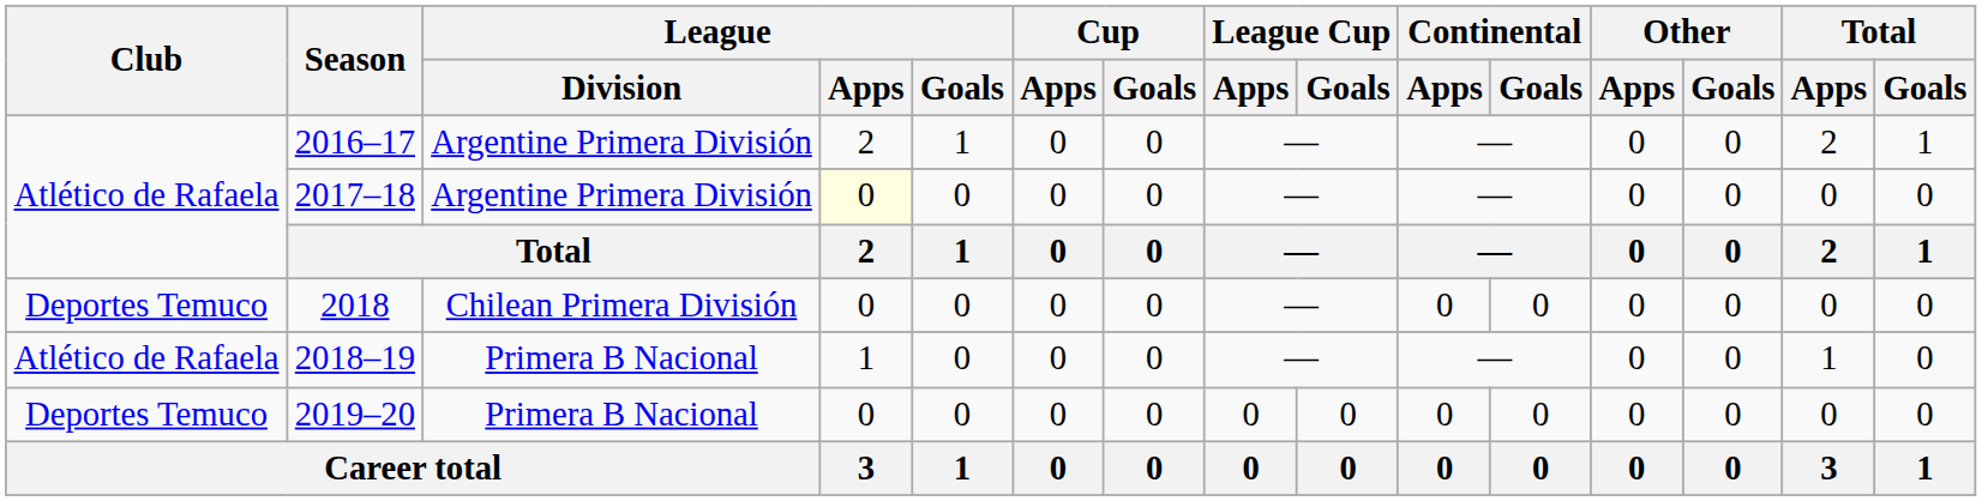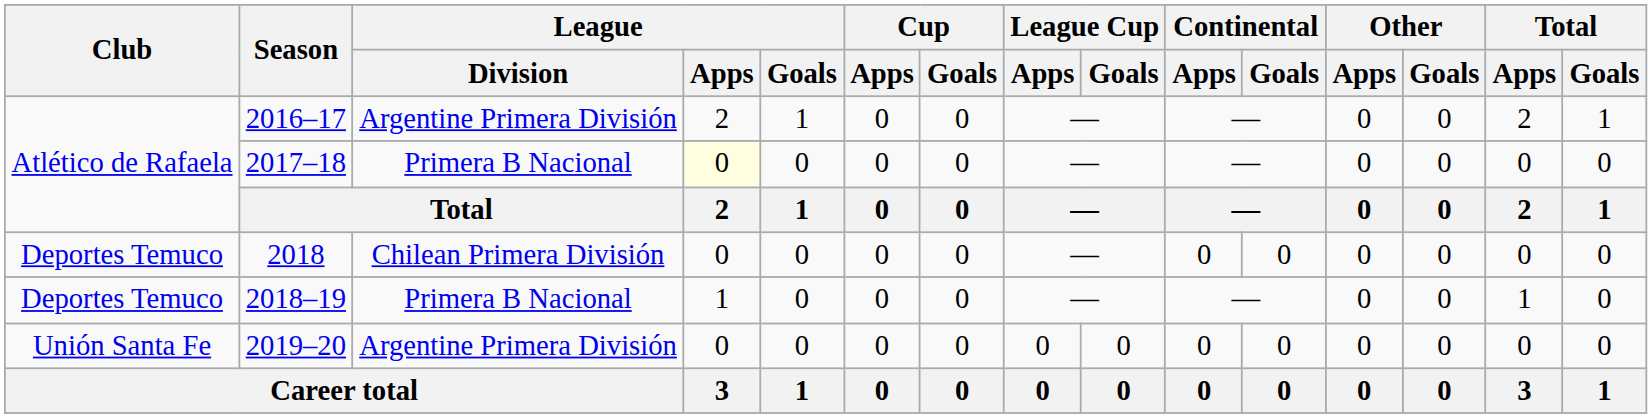 <table class="wikitable" style="text-align:center">
 <tr>
 <th rowspan="2">Club</th>
 <th rowspan="2">Season</th>
 <th colspan="3">League</th>
 <th colspan="2">Cup</th>
 <th colspan="2">League Cup</th>
 <th colspan="2">Continental</th>
 <th colspan="2">Other</th>
 <th colspan="2">Total</th>
 </tr>
 <tr>
 <th>Division</th>
 <th>Apps</th>
 <th>Goals</th>
 <th>Apps</th>
 <th>Goals</th>
 <th>Apps</th>
 <th>Goals</th>
 <th>Apps</th>
 <th>Goals</th>
 <th>Apps</th>
 <th>Goals</th>
 <th>Apps</th>
 <th>Goals</th>
 </tr>
 <tr>
 <td rowspan="3"><a href='#'>Atlético de Rafaela</a></td>
 <td><a href='#'>2016–17</a></td>
 <td rowspan="1"><a href='#'>Argentine Primera División</a></td>
 <td>2</td>
 <td>1</td>
 <td>0</td>
 <td>0</td>
 <td colspan="2">—</td>
 <td colspan="2">—</td>
 <td>0</td>
 <td>0</td>
 <td>2</td>
 <td>1</td>
 </tr>
 <tr>
 <td><a href='#'>2017–18</a></td>
-<td rowspan="1"><a href='#'>Argentine Primera División</a></td>
+<td rowspan="1"><a href='#'>Primera B Nacional</a></td>
 <td style="background: lightyellow;">0</td>
 <td>0</td>
 <td>0</td>
 <td>0</td>
 <td colspan="2">—</td>
 <td colspan="2">—</td>
 <td>0</td>
 <td>0</td>
 <td>0</td>
 <td>0</td>
 </tr>
 <tr>
 <th colspan="2">Total</th>
 <th>2</th>
 <th>1</th>
 <th>0</th>
 <th>0</th>
 <th colspan="2">—</th>
 <th colspan="2">—</th>
 <th>0</th>
 <th>0</th>
 <th>2</th>
 <th>1</th>
 </tr>
 <tr>
 <td rowspan="1"><a href='#'>Deportes Temuco</a></td>
 <td><a href='#'>2018</a></td>
 <td rowspan="1"><a href='#'>Chilean Primera División</a></td>
 <td>0</td>
 <td>0</td>
 <td>0</td>
 <td>0</td>
 <td colspan="2">—</td>
 <td>0</td>
 <td>0</td>
 <td>0</td>
 <td>0</td>
 <td>0</td>
 <td>0</td>
 </tr>
 <tr>
-<td rowspan="1"><a href='#'>Atlético de Rafaela</a></td>
+<td rowspan="1"><a href='#'>Deportes Temuco</a></td>
 <td><a href='#'>2018–19</a></td>
 <td rowspan="1"><a href='#'>Primera B Nacional</a></td>
 <td>1</td>
 <td>0</td>
 <td>0</td>
 <td>0</td>
 <td colspan="2">—</td>
 <td colspan="2">—</td>
 <td>0</td>
 <td>0</td>
 <td>1</td>
 <td>0</td>
 </tr>
 <tr>
-<td rowspan="1"><a href='#'>Deportes Temuco</a></td>
+<td rowspan="1"><a href='#'>Unión Santa Fe</a></td>
 <td><a href='#'>2019–20</a></td>
-<td rowspan="1"><a href='#'>Primera B Nacional</a></td>
+<td rowspan="1"><a href='#'>Argentine Primera División</a></td>
 <td>0</td>
 <td>0</td>
 <td>0</td>
 <td>0</td>
 <td>0</td>
 <td>0</td>
 <td>0</td>
 <td>0</td>
 <td>0</td>
 <td>0</td>
 <td>0</td>
 <td>0</td>
 </tr>
 <tr>
 <th colspan="3">Career total</th>
 <th>3</th>
 <th>1</th>
 <th>0</th>
 <th>0</th>
 <th>0</th>
 <th>0</th>
 <th>0</th>
 <th>0</th>
 <th>0</th>
 <th>0</th>
 <th>3</th>
 <th>1</th>
 </tr>
 </table>
